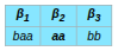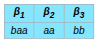 <table class="wikitable" style="text-align:center;background:#87E6FF;font-style:italic;">
 <tr style="font-weight:bold;">
 <td width=40>β<sub>1</sub></td>
 <td width=40>β<sub>2</sub></td>
 <td width=40>β<sub>3</sub></td>
 </tr>
 <tr>
 <td>baa</td>
-<td><strong>aa</strong></td>
+<td>aa</td>
 <td>bb</td>
 </tr>
 </table>
